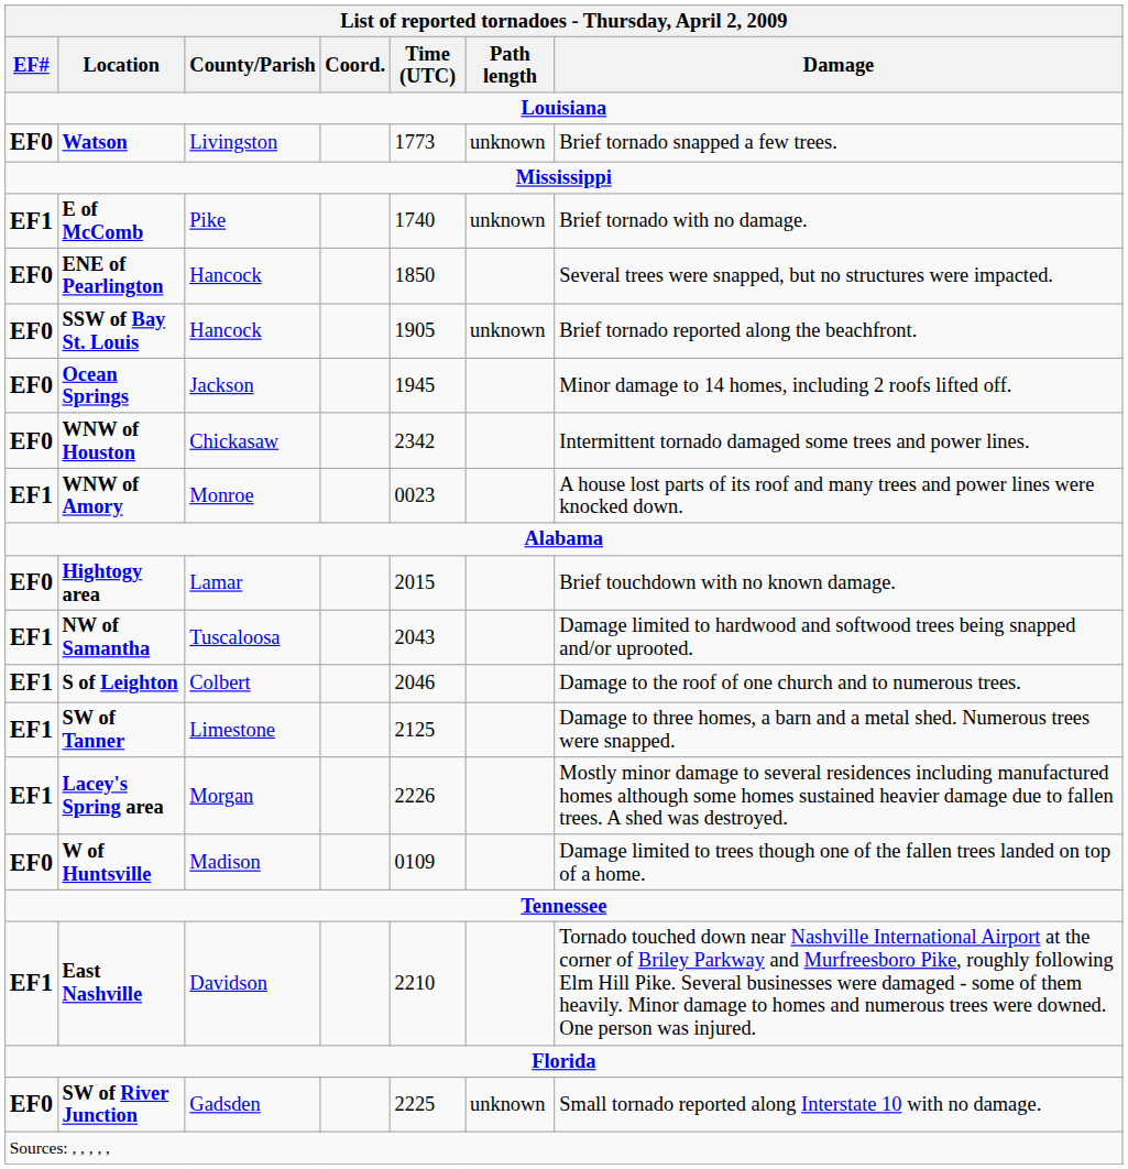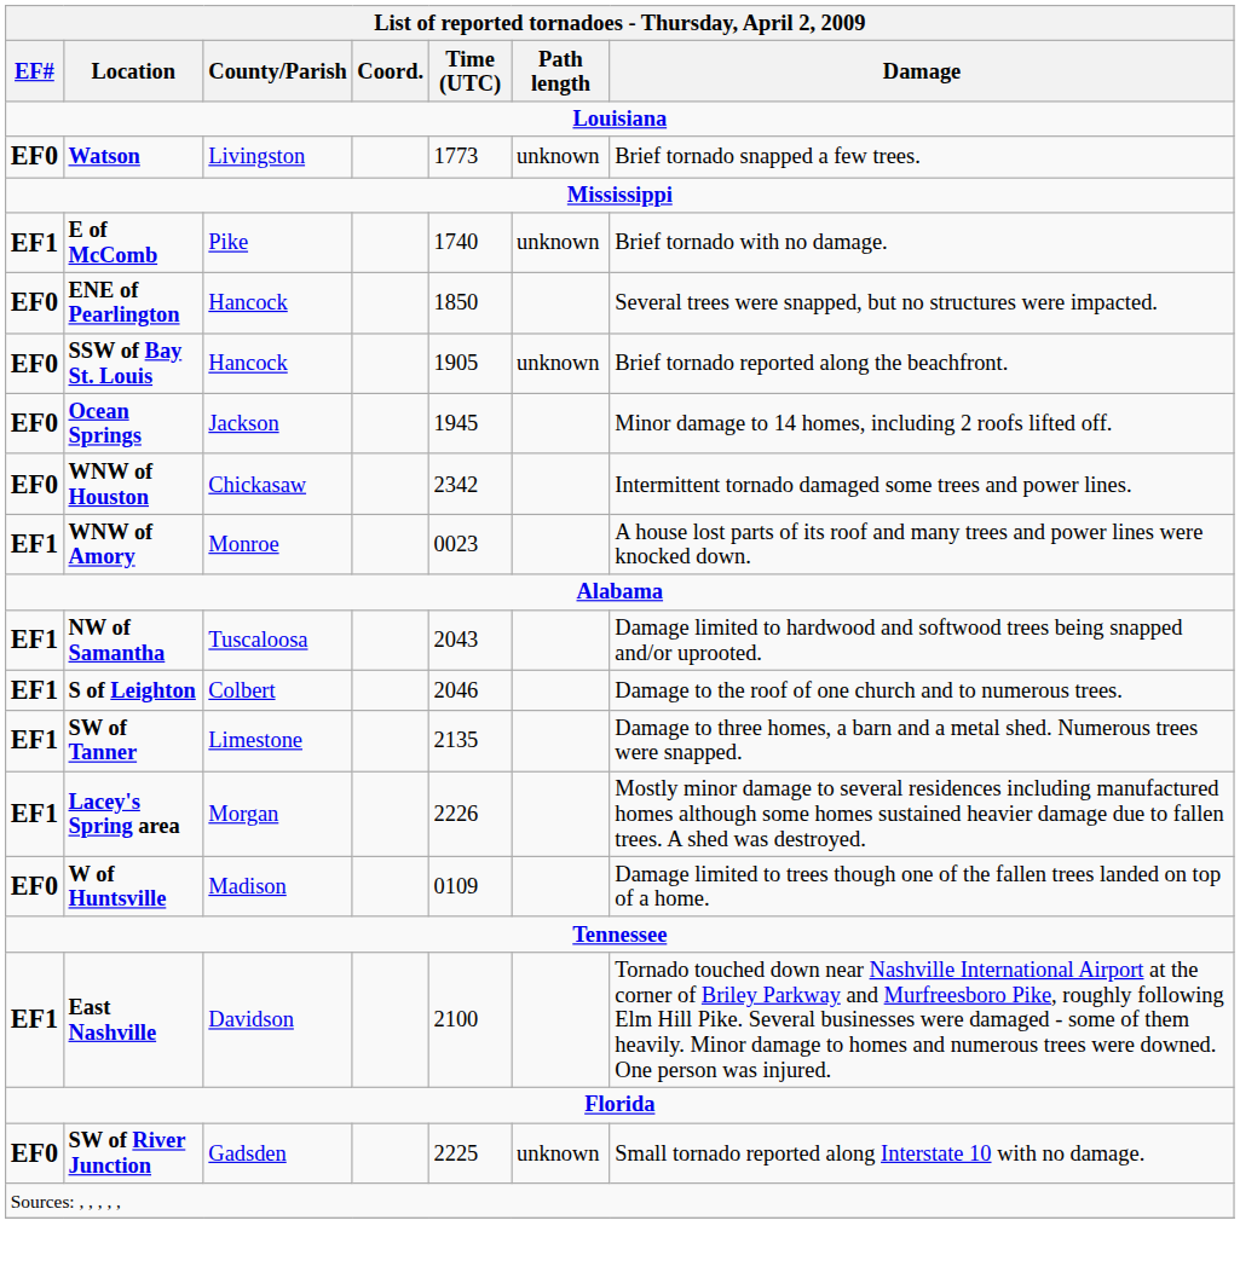 <table class="wikitable collapsible" width="100%">
 <tr>
 <th colspan="7">List of reported tornadoes - Thursday, April 2, 2009</th>
 </tr>
 <tr>
 <th><a href='#'>EF#</a></th>
 <th>Location</th>
 <th>County/Parish</th>
 <th>Coord.</th>
 <th>Time (UTC)</th>
 <th>Path length</th>
 <th>Damage</th>
 </tr>
 <tr>
 <td colspan="7" align=center><strong><a href='#'>Louisiana</a></strong></td>
 </tr>
 <tr>
 <td><big><strong>EF0</strong></big></td>
 <td><strong><a href='#'>Watson</a></strong></td>
 <td><a href='#'>Livingston</a></td>
 <td></td>
 <td>1773</td>
 <td>unknown</td>
 <td>Brief tornado snapped a few trees.</td>
 </tr>
 <tr>
 <td colspan="7" align=center><strong><a href='#'>Mississippi</a></strong></td>
 </tr>
 <tr>
 <td><big><strong>EF1</strong></big></td>
 <td><strong>E of <a href='#'>McComb</a></strong></td>
 <td><a href='#'>Pike</a></td>
 <td></td>
 <td>1740</td>
 <td>unknown</td>
 <td>Brief tornado with no damage.</td>
 </tr>
 <tr>
 <td><big><strong>EF0</strong></big></td>
 <td><strong>ENE of <a href='#'>Pearlington</a></strong></td>
 <td><a href='#'>Hancock</a></td>
 <td></td>
 <td>1850</td>
 <td></td>
 <td>Several trees were snapped, but no structures were impacted.</td>
 </tr>
 <tr>
 <td><big><strong>EF0</strong></big></td>
 <td><strong>SSW of <a href='#'>Bay St. Louis</a></strong></td>
 <td><a href='#'>Hancock</a></td>
 <td></td>
 <td>1905</td>
 <td>unknown</td>
 <td>Brief tornado reported along the beachfront.</td>
 </tr>
 <tr>
 <td><big><strong>EF0</strong></big></td>
 <td><strong><a href='#'>Ocean Springs</a></strong></td>
 <td><a href='#'>Jackson</a></td>
 <td></td>
 <td>1945</td>
 <td></td>
 <td>Minor damage to 14 homes, including 2 roofs lifted off.</td>
 </tr>
 <tr>
 <td><big><strong>EF0</strong></big></td>
 <td><strong>WNW of <a href='#'>Houston</a></strong></td>
 <td><a href='#'>Chickasaw</a></td>
 <td></td>
 <td>2342</td>
 <td></td>
 <td>Intermittent tornado damaged some trees and power lines.</td>
 </tr>
 <tr>
 <td><big><strong>EF1</strong></big></td>
 <td><strong>WNW of <a href='#'>Amory</a></strong></td>
 <td><a href='#'>Monroe</a></td>
 <td></td>
 <td>0023</td>
 <td></td>
 <td>A house lost parts of its roof and many trees and power lines were knocked down.</td>
 </tr>
 <tr>
 <td colspan="7" align=center><strong><a href='#'>Alabama</a></strong></td>
 </tr>
 <tr>
-<td><big><strong>EF0</strong></big></td>
-<td><strong><a href='#'>Hightogy</a> area</strong></td>
-<td><a href='#'>Lamar</a></td>
-<td></td>
-<td>2015</td>
-<td></td>
-<td>Brief touchdown with no known damage.</td>
-</tr>
-<tr>
 <td><big><strong>EF1</strong></big></td>
 <td><strong>NW of <a href='#'>Samantha</a></strong></td>
 <td><a href='#'>Tuscaloosa</a></td>
 <td></td>
 <td>2043</td>
 <td></td>
 <td>Damage limited to hardwood and softwood trees being snapped and/or uprooted.</td>
 </tr>
 <tr>
 <td><big><strong>EF1</strong></big></td>
 <td><strong>S of <a href='#'>Leighton</a></strong></td>
 <td><a href='#'>Colbert</a></td>
 <td></td>
 <td>2046</td>
 <td></td>
 <td>Damage to the roof of one church and to numerous trees.</td>
 </tr>
 <tr>
 <td><big><strong>EF1</strong></big></td>
 <td><strong>SW of <a href='#'>Tanner</a></strong></td>
 <td><a href='#'>Limestone</a></td>
 <td></td>
-<td>2125</td>
+<td>2135</td>
 <td></td>
 <td>Damage to three homes, a barn and a metal shed. Numerous trees were snapped.</td>
 </tr>
 <tr>
 <td><big><strong>EF1</strong></big></td>
 <td><strong><a href='#'>Lacey's Spring</a> area</strong></td>
 <td><a href='#'>Morgan</a></td>
 <td></td>
 <td>2226</td>
 <td></td>
 <td>Mostly minor damage to several residences including manufactured homes although some homes sustained heavier damage due to fallen trees. A shed was destroyed.</td>
 </tr>
 <tr>
 <td><big><strong>EF0</strong></big></td>
 <td><strong>W of <a href='#'>Huntsville</a> </strong></td>
 <td><a href='#'>Madison</a></td>
 <td></td>
 <td>0109</td>
 <td></td>
 <td>Damage limited to trees though one of the fallen trees landed on top of a home.</td>
 </tr>
 <tr>
 <td colspan="7" align=center><strong><a href='#'>Tennessee</a></strong></td>
 </tr>
 <tr>
 <td><big><strong>EF1</strong></big></td>
 <td><strong>East <a href='#'>Nashville</a></strong></td>
 <td><a href='#'>Davidson</a></td>
 <td></td>
-<td>2210</td>
+<td>2100</td>
 <td></td>
 <td>Tornado touched down near <a href='#'>Nashville International Airport</a> at the corner of <a href='#'>Briley Parkway</a> and <a href='#'>Murfreesboro Pike</a>, roughly following Elm Hill Pike. Several businesses were damaged - some of them heavily. Minor damage to homes and numerous trees were downed. One person was injured.</td>
 </tr>
 <tr>
 <td colspan="7" align=center><strong><a href='#'>Florida</a></strong></td>
 </tr>
 <tr>
 <td><big><strong>EF0</strong></big></td>
 <td><strong>SW of <a href='#'>River Junction</a></strong></td>
 <td><a href='#'>Gadsden</a></td>
 <td></td>
 <td>2225</td>
 <td>unknown</td>
 <td>Small tornado reported along <a href='#'>Interstate 10</a> with no damage.</td>
 </tr>
 <tr>
 <td colspan="7"><small>Sources: , , , , , </small></td>
 </tr>
 <tr>
 </tr>
 </table>
